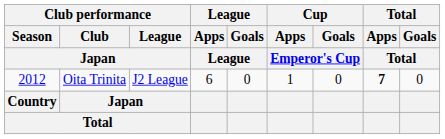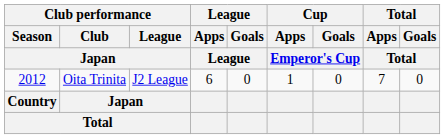 <table class="wikitable" style="text-align:center;">
 <tr>
 <th colspan=3>Club performance</th>
 <th colspan=2>League</th>
 <th colspan=2>Cup</th>
 <th colspan=2>Total</th>
 </tr>
 <tr>
 <th>Season</th>
 <th>Club</th>
 <th>League</th>
 <th>Apps</th>
 <th>Goals</th>
 <th>Apps</th>
 <th>Goals</th>
 <th>Apps</th>
 <th>Goals</th>
 </tr>
 <tr>
 <th colspan=3>Japan</th>
 <th colspan=2>League</th>
 <th colspan=2><a href='#'>Emperor's Cup</a></th>
 <th colspan=2>Total</th>
 </tr>
 <tr>
 <td><a href='#'>2012</a></td>
 <td><a href='#'>Oita Trinita</a></td>
 <td><a href='#'>J2 League</a></td>
 <td>6</td>
 <td>0</td>
 <td>1</td>
 <td>0</td>
-<td><strong>7</strong></td>
+<td>7</td>
 <td>0</td>
 </tr>
 <tr>
 <th rowspan=1>Country</th>
 <th colspan=2>Japan</th>
 <th></th>
 <th></th>
 <th></th>
 <th></th>
 <th></th>
 <th></th>
 </tr>
 <tr>
 <th colspan=3>Total</th>
 <th></th>
 <th></th>
 <th></th>
 <th></th>
 <th></th>
 <th></th>
 </tr>
 </table>
